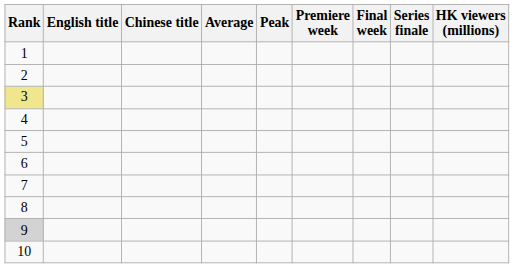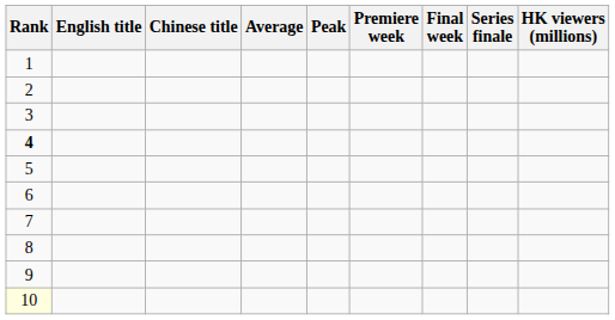 <table class="wikitable sortable" style="margin:auto; margin:auto;">
 <tr>
 <th>Rank</th>
 <th>English title</th>
 <th>Chinese title</th>
 <th>Average</th>
 <th>Peak</th>
 <th>Premiere<br>week</th>
 <th>Final<br>week</th>
 <th>Series<br>finale</th>
 <th>HK viewers<br>(millions)</th>
 </tr>
 <tr>
 <td style="text-align:center;">1</td>
 <td></td>
 <td></td>
 <td></td>
 <td></td>
 <td></td>
 <td></td>
 <td></td>
 <td></td>
 </tr>
 <tr>
 <td style="text-align:center;">2</td>
 <td></td>
 <td></td>
 <td></td>
 <td></td>
 <td></td>
 <td></td>
 <td></td>
 <td></td>
 </tr>
 <tr>
-<td style="background: khaki; text-align:center;">3</td>
+<td style="text-align:center;">3</td>
 <td></td>
 <td></td>
 <td></td>
 <td></td>
 <td></td>
 <td></td>
 <td></td>
 <td></td>
 </tr>
 <tr>
-<td style="text-align:center;">4</td>
+<td style="text-align:center;"><strong>4</strong></td>
 <td></td>
 <td></td>
 <td></td>
 <td></td>
 <td></td>
 <td></td>
 <td></td>
 <td></td>
 </tr>
 <tr>
 <td style="text-align:center;">5</td>
 <td></td>
 <td></td>
 <td></td>
 <td></td>
 <td></td>
 <td></td>
 <td></td>
 <td></td>
 </tr>
 <tr>
 <td style="text-align:center;">6</td>
 <td></td>
 <td></td>
 <td></td>
 <td></td>
 <td></td>
 <td></td>
 <td></td>
 </tr>
 <tr>
 <td style="text-align:center;">7</td>
 <td></td>
 <td></td>
 <td></td>
 <td></td>
 <td></td>
 <td></td>
 <td></td>
 <td></td>
 </tr>
 <tr>
 <td style="text-align:center;">8</td>
 <td></td>
 <td></td>
 <td></td>
 <td></td>
 <td></td>
 <td></td>
 <td></td>
 </tr>
 <tr>
-<td style="background: lightgrey; text-align:center;">9</td>
+<td style="text-align:center;">9</td>
 <td></td>
 <td></td>
 <td></td>
 <td></td>
 <td></td>
 <td></td>
 <td></td>
 <td></td>
 </tr>
 <tr>
-<td style="text-align:center;">10</td>
+<td style="background: lightyellow; text-align:center;">10</td>
 <td></td>
 <td></td>
 <td></td>
 <td></td>
 <td></td>
 <td></td>
 <td></td>
 <td></td>
 </tr>
 </table>
